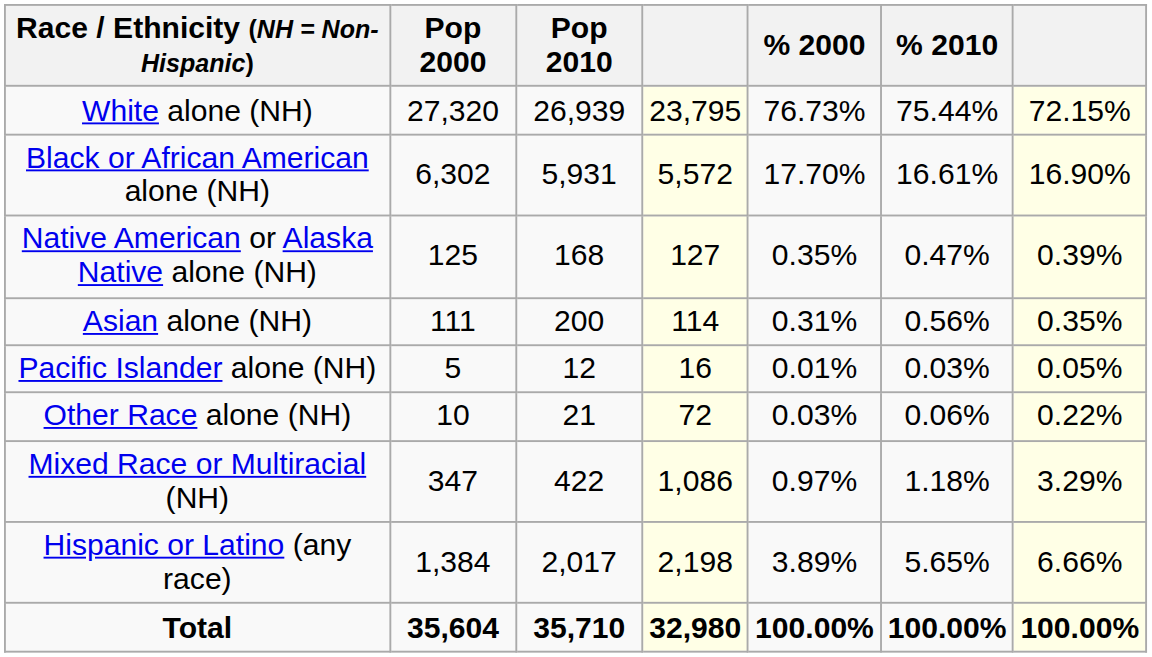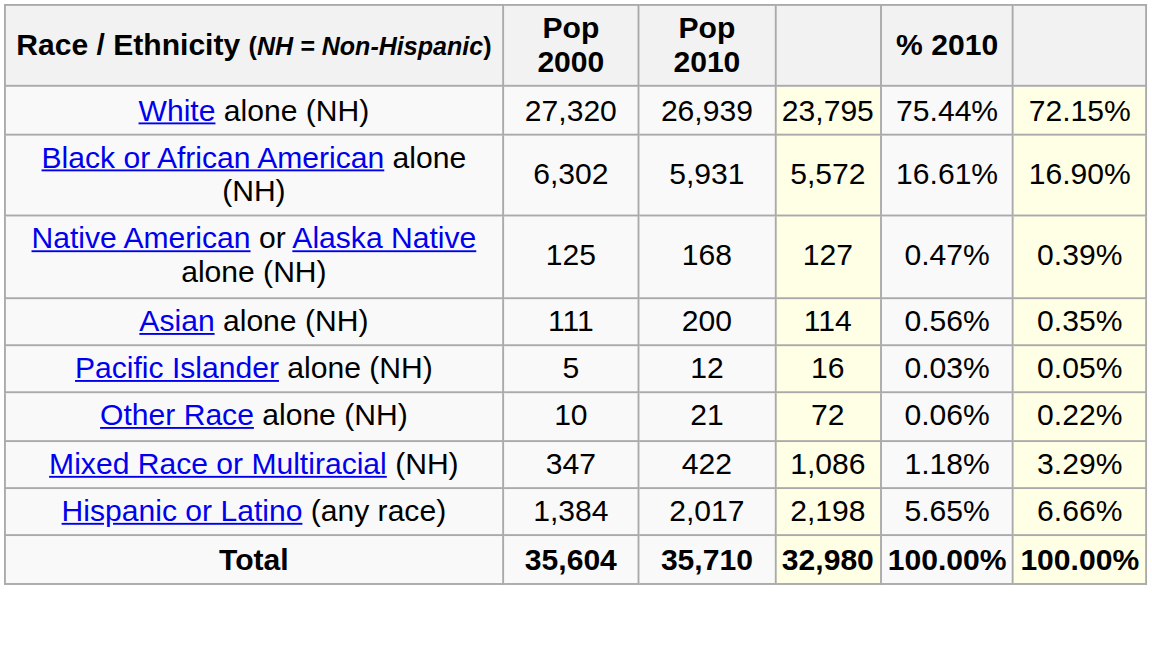 <table class="wikitable" style="text-align:center;">
 <tr>
 <th>Race / Ethnicity <small>(<em>NH = Non-Hispanic</em>)</small></th>
 <th>Pop 2000</th>
 <th>Pop 2010</th>
 <th></th>
-<th>% 2000</th>
 <th>% 2010</th>
 <th></th>
 </tr>
 <tr>
 <td><a href='#'>White</a> alone (NH)</td>
 <td>27,320</td>
 <td>26,939</td>
 <td style='background: #ffffe6;'>23,795</td>
-<td>76.73%</td>
 <td>75.44%</td>
 <td style='background: #ffffe6;'>72.15%</td>
 </tr>
 <tr>
 <td><a href='#'>Black or African American</a> alone (NH)</td>
 <td>6,302</td>
 <td>5,931</td>
 <td style='background: #ffffe6;'>5,572</td>
-<td>17.70%</td>
 <td>16.61%</td>
 <td style='background: #ffffe6;'>16.90%</td>
 </tr>
 <tr>
 <td><a href='#'>Native American</a> or <a href='#'>Alaska Native</a> alone (NH)</td>
 <td>125</td>
 <td>168</td>
 <td style='background: #ffffe6;'>127</td>
-<td>0.35%</td>
 <td>0.47%</td>
 <td style='background: #ffffe6;'>0.39%</td>
 </tr>
 <tr>
 <td><a href='#'>Asian</a> alone (NH)</td>
 <td>111</td>
 <td>200</td>
 <td style='background: #ffffe6;'>114</td>
-<td>0.31%</td>
 <td>0.56%</td>
 <td style='background: #ffffe6;'>0.35%</td>
 </tr>
 <tr>
 <td><a href='#'>Pacific Islander</a> alone (NH)</td>
 <td>5</td>
 <td>12</td>
 <td style='background: #ffffe6;'>16</td>
-<td>0.01%</td>
 <td>0.03%</td>
 <td style='background: #ffffe6;'>0.05%</td>
 </tr>
 <tr>
 <td><a href='#'>Other Race</a> alone (NH)</td>
 <td>10</td>
 <td>21</td>
 <td style='background: #ffffe6;'>72</td>
-<td>0.03%</td>
 <td>0.06%</td>
 <td style='background: #ffffe6;'>0.22%</td>
 </tr>
 <tr>
 <td><a href='#'>Mixed Race or Multiracial</a> (NH)</td>
 <td>347</td>
 <td>422</td>
 <td style='background: #ffffe6;'>1,086</td>
-<td>0.97%</td>
 <td>1.18%</td>
 <td style='background: #ffffe6;'>3.29%</td>
 </tr>
 <tr>
 <td><a href='#'>Hispanic or Latino</a> (any race)</td>
 <td>1,384</td>
 <td>2,017</td>
 <td style='background: #ffffe6;'>2,198</td>
-<td>3.89%</td>
 <td>5.65%</td>
 <td style='background: #ffffe6;'>6.66%</td>
 </tr>
 <tr>
 <td><strong>Total</strong></td>
 <td><strong>35,604</strong></td>
 <td><strong>35,710</strong></td>
 <td style='background: #ffffe6;'><strong>32,980</strong></td>
 <td><strong>100.00%</strong></td>
-<td><strong>100.00%</strong></td>
 <td style='background: #ffffe6;'><strong>100.00%</strong></td>
 </tr>
 </table>
